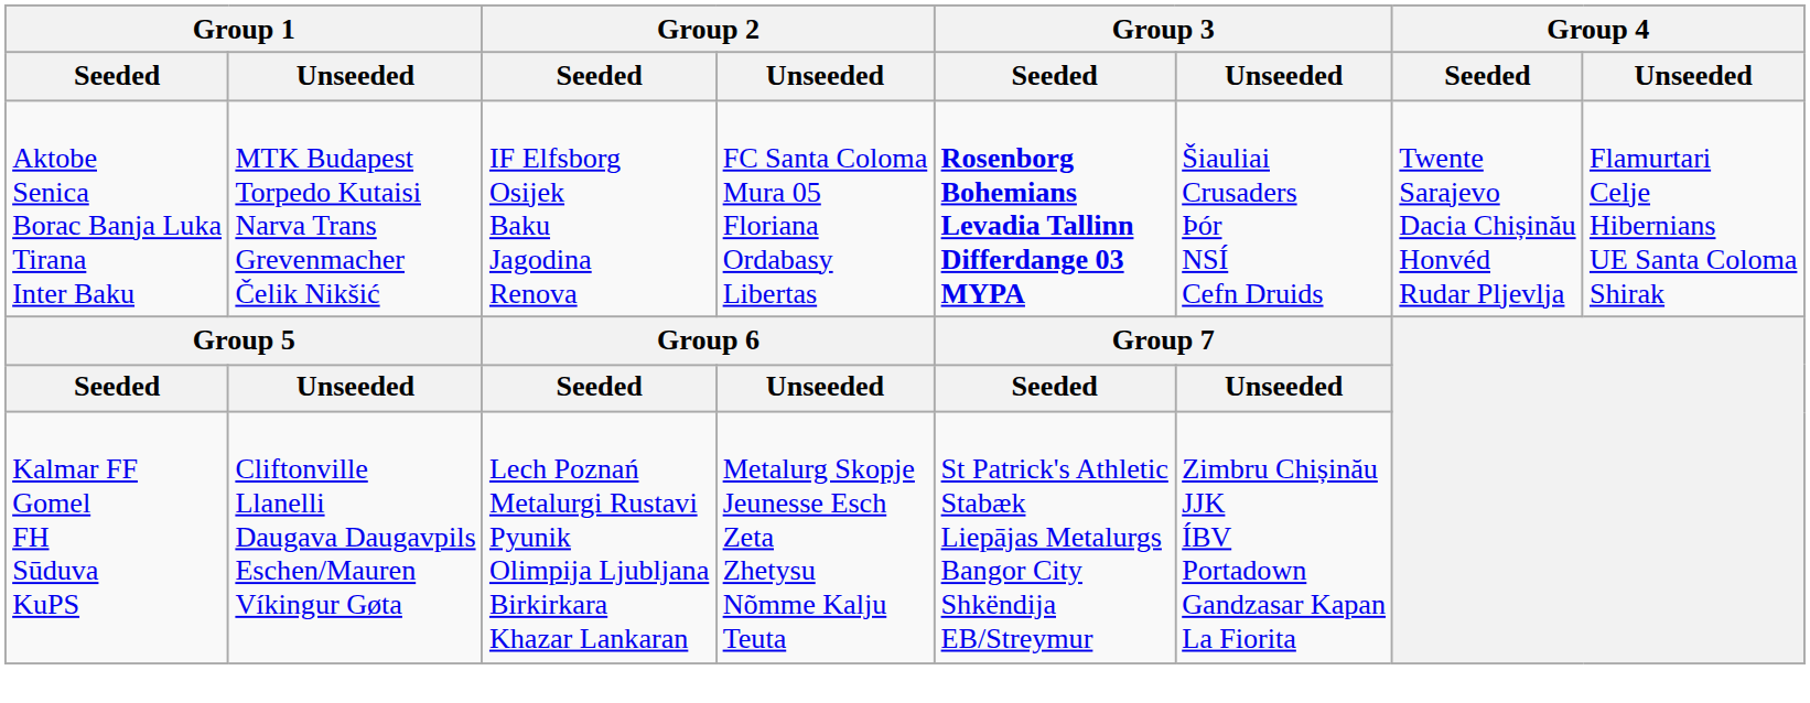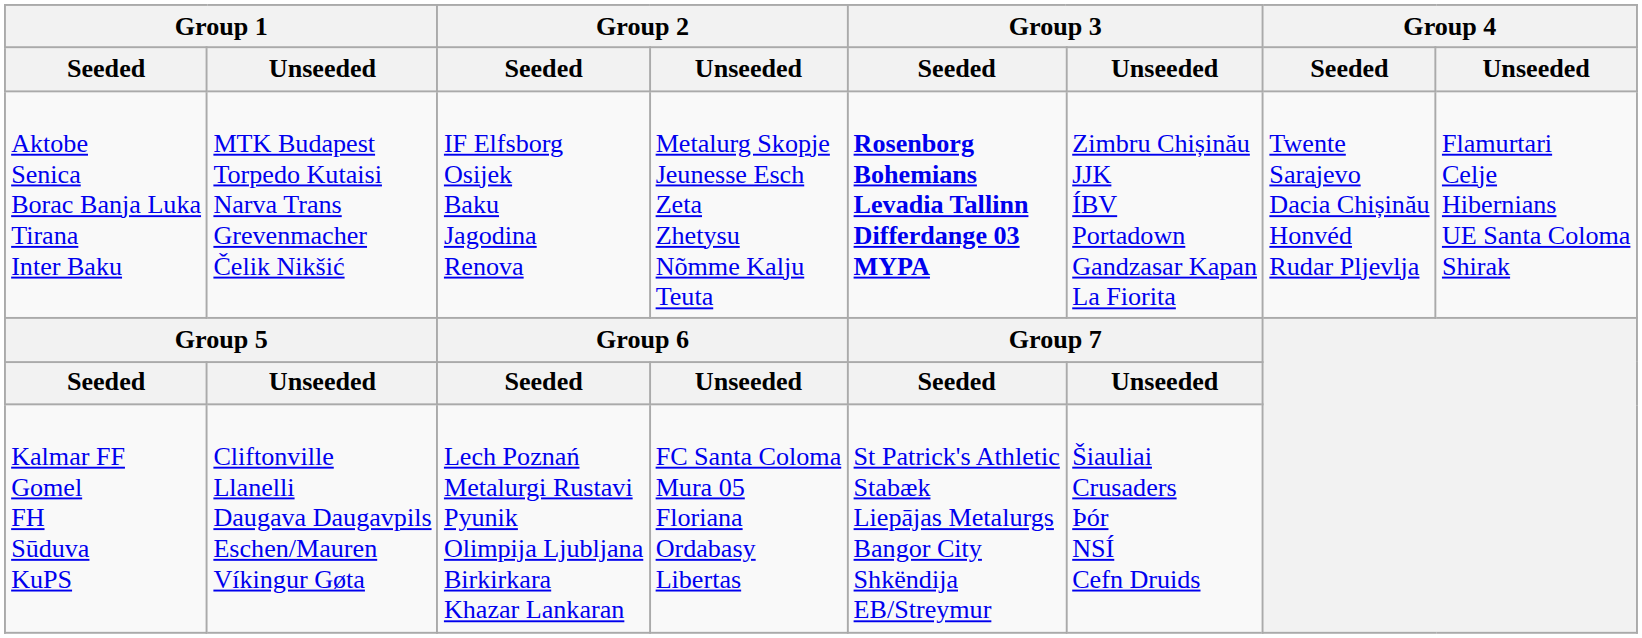 <table class="wikitable" style="font-size:85%">
 <tr>
 <th colspan=2>Group 1</th>
 <th colspan=2>Group 2</th>
 <th colspan=2>Group 3</th>
 <th colspan=2>Group 4</th>
 </tr>
 <tr>
 <th>Seeded</th>
 <th>Unseeded</th>
 <th>Seeded</th>
 <th>Unseeded</th>
 <th>Seeded</th>
 <th>Unseeded</th>
 <th>Seeded</th>
 <th>Unseeded</th>
 </tr>
 <tr>
 <td valign=top><br> <a href='#'>Aktobe</a><br>  <a href='#'>Senica</a><br>  <a href='#'>Borac Banja Luka</a><br>  <a href='#'>Tirana</a><br>  <a href='#'>Inter Baku</a></td>
 <td valign=top><br> <a href='#'>MTK Budapest</a><br>  <a href='#'>Torpedo Kutaisi</a><br>  <a href='#'>Narva Trans</a><br>  <a href='#'>Grevenmacher</a><br>  <a href='#'>Čelik Nikšić</a></td>
 <td valign=top><br> <a href='#'>IF Elfsborg</a><br>  <a href='#'>Osijek</a><br>  <a href='#'>Baku</a><br>  <a href='#'>Jagodina</a><br>  <a href='#'>Renova</a></td>
-<td valign=top><br> <a href='#'>FC Santa Coloma</a><br>  <a href='#'>Mura 05</a><br>  <a href='#'>Floriana</a><br>  <a href='#'>Ordabasy</a><br>  <a href='#'>Libertas</a></td>
+<td valign=top><br> <a href='#'>Metalurg Skopje</a><br>  <a href='#'>Jeunesse Esch</a><br>  <a href='#'>Zeta</a><br>  <a href='#'>Zhetysu</a><br>  <a href='#'>Nõmme Kalju</a><br>  <a href='#'>Teuta</a></td>
 <td valign=top><strong><br> <a href='#'>Rosenborg</a><br>  <a href='#'>Bohemians</a><br>  <a href='#'>Levadia Tallinn</a><br>  <a href='#'>Differdange 03</a><br>  <a href='#'>MYPA</a></strong></td>
-<td valign=top><br> <a href='#'>Šiauliai</a><br>  <a href='#'>Crusaders</a><br>  <a href='#'>Þór</a><br>  <a href='#'>NSÍ</a><br>  <a href='#'>Cefn Druids</a></td>
+<td valign=top><br> <a href='#'>Zimbru Chișinău</a><br>  <a href='#'>JJK</a><br>  <a href='#'>ÍBV</a><br>  <a href='#'>Portadown</a><br>  <a href='#'>Gandzasar Kapan</a><br>  <a href='#'>La Fiorita</a></td>
 <td valign=top><br> <a href='#'>Twente</a><br>  <a href='#'>Sarajevo</a><br>  <a href='#'>Dacia Chișinău</a><br>  <a href='#'>Honvéd</a><br>  <a href='#'>Rudar Pljevlja</a></td>
 <td valign=top><br> <a href='#'>Flamurtari</a><br>  <a href='#'>Celje</a><br>  <a href='#'>Hibernians</a><br>  <a href='#'>UE Santa Coloma</a><br>  <a href='#'>Shirak</a></td>
 </tr>
 <tr>
 <th colspan=2>Group 5</th>
 <th colspan=2>Group 6</th>
 <th colspan=2>Group 7</th>
 <th rowspan=3 colspan=2></th>
 </tr>
 <tr>
 <th>Seeded</th>
 <th>Unseeded</th>
 <th>Seeded</th>
 <th>Unseeded</th>
 <th>Seeded</th>
 <th>Unseeded</th>
 </tr>
 <tr>
 <td valign=top><br> <a href='#'>Kalmar FF</a><br>  <a href='#'>Gomel</a><br>  <a href='#'>FH</a><br>  <a href='#'>Sūduva</a><br>  <a href='#'>KuPS</a></td>
 <td valign=top><br> <a href='#'>Cliftonville</a><br>  <a href='#'>Llanelli</a><br>  <a href='#'>Daugava Daugavpils</a><br>  <a href='#'>Eschen/Mauren</a><br>  <a href='#'>Víkingur Gøta</a></td>
 <td valign=top><br> <a href='#'>Lech Poznań</a><br>  <a href='#'>Metalurgi Rustavi</a><br>  <a href='#'>Pyunik</a><br>  <a href='#'>Olimpija Ljubljana</a><br>  <a href='#'>Birkirkara</a><br>  <a href='#'>Khazar Lankaran</a></td>
-<td valign=top><br> <a href='#'>Metalurg Skopje</a><br>  <a href='#'>Jeunesse Esch</a><br>  <a href='#'>Zeta</a><br>  <a href='#'>Zhetysu</a><br>  <a href='#'>Nõmme Kalju</a><br>  <a href='#'>Teuta</a></td>
+<td valign=top><br> <a href='#'>FC Santa Coloma</a><br>  <a href='#'>Mura 05</a><br>  <a href='#'>Floriana</a><br>  <a href='#'>Ordabasy</a><br>  <a href='#'>Libertas</a></td>
 <td valign=top><br> <a href='#'>St Patrick's Athletic</a><br>  <a href='#'>Stabæk</a><br>  <a href='#'>Liepājas Metalurgs</a><br>  <a href='#'>Bangor City</a><br>  <a href='#'>Shkëndija</a><br>  <a href='#'>EB/Streymur</a></td>
-<td valign=top><br> <a href='#'>Zimbru Chișinău</a><br>  <a href='#'>JJK</a><br>  <a href='#'>ÍBV</a><br>  <a href='#'>Portadown</a><br>  <a href='#'>Gandzasar Kapan</a><br>  <a href='#'>La Fiorita</a></td>
+<td valign=top><br> <a href='#'>Šiauliai</a><br>  <a href='#'>Crusaders</a><br>  <a href='#'>Þór</a><br>  <a href='#'>NSÍ</a><br>  <a href='#'>Cefn Druids</a></td>
 </tr>
 </table>
